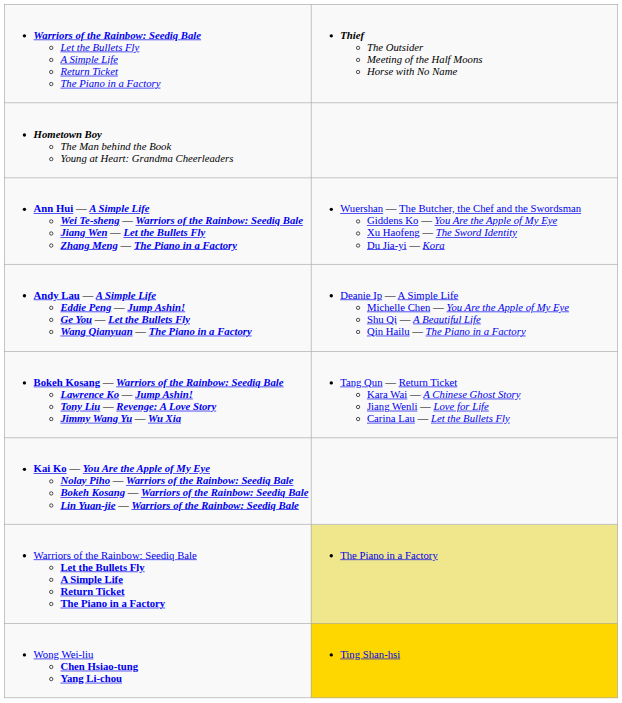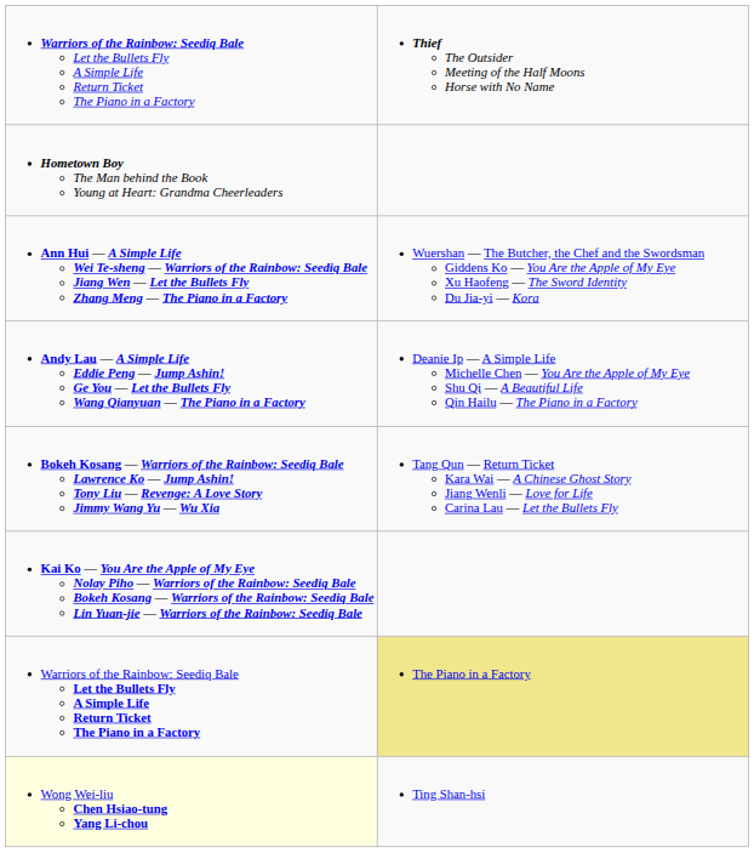 <table class=wikitable>
 <tr>
 <td valign="top" width="50%"><br><ul><li><strong><em><a href='#'>Warriors of the Rainbow: Seediq Bale</a></em></strong><ul><li><em><a href='#'>Let the Bullets Fly</a></em></li><li><em><a href='#'>A Simple Life</a></em></li><li><em><a href='#'>Return Ticket</a></em></li><li><em><a href='#'>The Piano in a Factory</a></em></li></ul></li></ul></td>
 <td valign="top" width="50%"><br><ul><li><strong><em>Thief</em></strong><ul><li><em>The Outsider</em></li><li><em>Meeting of the Half Moons</em></li><li><em>Horse with No Name</em></li></ul></li></ul></td>
 </tr>
 <tr>
 <td valign="top" width="50%"><br><ul><li><strong><em>Hometown Boy</em></strong><ul><li><em>The Man behind the Book</em></li><li><em>Young at Heart: Grandma Cheerleaders</em></li></ul></li></ul></td>
 <td valign="top" width="50%"><br> </td>
 </tr>
 <tr>
 <td valign="top" width="50%"><br><ul><li><strong><a href='#'>Ann Hui</a> — <em><a href='#'>A Simple Life</a><strong><em><ul><li><a href='#'>Wei Te-sheng</a>  — </em><a href='#'>Warriors of the Rainbow: Seediq Bale</a><em></li><li><a href='#'>Jiang Wen</a> — </em><a href='#'>Let the Bullets Fly</a><em></li><li><a href='#'>Zhang Meng</a> — </em><a href='#'>The Piano in a Factory</a><em></li></ul></li></ul></td>
 <td valign="top" width="50%"><br><ul><li></strong><a href='#'>Wuershan</a> — </em><a href='#'>The Butcher, the Chef and the Swordsman</a></em></strong><ul><li><a href='#'>Giddens Ko</a> — <em><a href='#'>You Are the Apple of My Eye</a></em></li><li><a href='#'>Xu Haofeng</a> — <em><a href='#'>The Sword Identity</a></em></li><li><a href='#'>Du Jia-yi</a> — <em><a href='#'>Kora</a></em></li></ul></li></ul></td>
 </tr>
 <tr>
 <td valign="top" width="50%"><br><ul><li><strong><a href='#'>Andy Lau</a> — <em><a href='#'>A Simple Life</a><strong><em><ul><li><a href='#'>Eddie Peng</a> — </em><a href='#'>Jump Ashin!</a><em></li><li><a href='#'>Ge You</a> — </em><a href='#'>Let the Bullets Fly</a><em></li><li><a href='#'>Wang Qianyuan</a> — </em><a href='#'>The Piano in a Factory</a><em></li></ul></li></ul></td>
 <td valign="top" width="50%"><br><ul><li></strong><a href='#'>Deanie Ip</a> — </em><a href='#'>A Simple Life</a></em></strong><ul><li><a href='#'>Michelle Chen</a> — <em><a href='#'>You Are the Apple of My Eye</a></em></li><li><a href='#'>Shu Qi</a> — <em><a href='#'>A Beautiful Life</a></em></li><li><a href='#'>Qin Hailu</a> — <em><a href='#'>The Piano in a Factory</a></em></li></ul></li></ul></td>
 </tr>
 <tr>
 <td valign="top" width="50%"><br><ul><li><strong><a href='#'>Bokeh Kosang</a> — <em><a href='#'>Warriors of the Rainbow: Seediq Bale</a><strong><em><ul><li><a href='#'>Lawrence Ko</a> — </em><a href='#'>Jump Ashin!</a><em></li><li><a href='#'>Tony Liu</a> — </em><a href='#'>Revenge: A Love Story</a><em></li><li><a href='#'>Jimmy Wang Yu</a> — </em><a href='#'>Wu Xia</a><em></li></ul></li></ul></td>
 <td valign="top" width="50%"><br><ul><li></strong><a href='#'>Tang Qun</a> — </em><a href='#'>Return Ticket</a></em></strong><ul><li><a href='#'>Kara Wai</a> — <em><a href='#'>A Chinese Ghost Story</a></em></li><li><a href='#'>Jiang Wenli</a> — <em><a href='#'>Love for Life</a></em></li><li><a href='#'>Carina Lau</a> — <em><a href='#'>Let the Bullets Fly</a></em></li></ul></li></ul></td>
 </tr>
 <tr>
 <td valign="top" width="50%"><br><ul><li><strong><a href='#'>Kai Ko</a> — <em><a href='#'>You Are the Apple of My Eye</a><strong><em><ul><li><a href='#'>Nolay Piho</a> — </em><a href='#'>Warriors of the Rainbow: Seediq Bale</a><em></li><li><a href='#'>Bokeh Kosang</a> — </em><a href='#'>Warriors of the Rainbow: Seediq Bale</a><em></li><li><a href='#'>Lin Yuan-jie</a> — </em><a href='#'>Warriors of the Rainbow: Seediq Bale</a><em></li></ul></li></ul></td>
 </tr>
 <tr>
 <td valign="top" width="50%"><br><ul><li></em></strong><a href='#'>Warriors of the Rainbow: Seediq Bale</a><strong><em><ul><li></em><a href='#'>Let the Bullets Fly</a><em></li><li></em><a href='#'>A Simple Life</a><em></li><li></em><a href='#'>Return Ticket</a><em></li><li></em><a href='#'>The Piano in a Factory</a><em></li></ul></li></ul></td>
 <td valign="top" width="50%" style="background: khaki;"><br><ul><li></em></strong><a href='#'>The Piano in a Factory</a><strong><em></li></ul></td>
 </tr>
 <tr>
-<td valign="top" width="50%"><br><ul><li></strong><a href='#'>Wong Wei-liu</a><strong><ul><li><a href='#'>Chen Hsiao-tung</a></li><li><a href='#'>Yang Li-chou</a></li></ul></li></ul></td>
-<td valign="top" width="50%" style="background: gold;"><br><ul><li></strong><a href='#'>Ting Shan-hsi</a><strong></li></ul></td>
+<td valign="top" width="50%" style="background: lightyellow;"><br><ul><li></strong><a href='#'>Wong Wei-liu</a><strong><ul><li><a href='#'>Chen Hsiao-tung</a></li><li><a href='#'>Yang Li-chou</a></li></ul></li></ul></td>
+<td valign="top" width="50%"><br><ul><li></strong><a href='#'>Ting Shan-hsi</a><strong></li></ul></td>
 </tr>
 </table>
